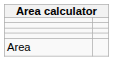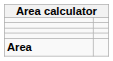 <table - class="wikitable floatleft" style="margin: 0;">
 <tr>
 <th colspan=2 style="padding: 0 1em">Area calculator</th>
 </tr>
 <tr>
 <td></td>
 <td></td>
 </tr>
 <tr>
 <td></td>
 <td></td>
 </tr>
 <tr>
 <td></td>
 <td></td>
 </tr>
 <tr>
 <td></td>
 <td></td>
 </tr>
 <tr>
-<td>Area</td>
+<td><strong>Area</strong></td>
 <td style="max-width: 4em"></td>
 </tr>
 </table>
